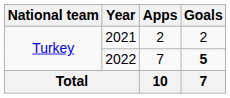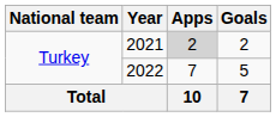 <table class="wikitable" style="text-align:center">
 <tr>
 <th>National team</th>
 <th>Year</th>
 <th>Apps</th>
 <th>Goals</th>
 </tr>
 <tr>
 <td rowspan="2"><a href='#'>Turkey</a></td>
 <td>2021</td>
-<td>2</td>
+<td style="background: lightgrey;">2</td>
 <td>2</td>
 </tr>
 <tr>
 <td>2022</td>
 <td>7</td>
-<td><strong>5</strong></td>
+<td>5</td>
 </tr>
 <tr>
 <th colspan="2">Total</th>
 <th>10</th>
 <th>7</th>
 </tr>
 </table>
